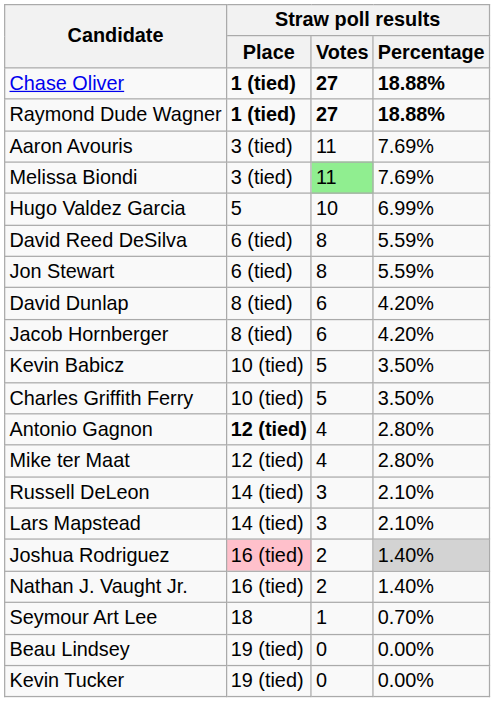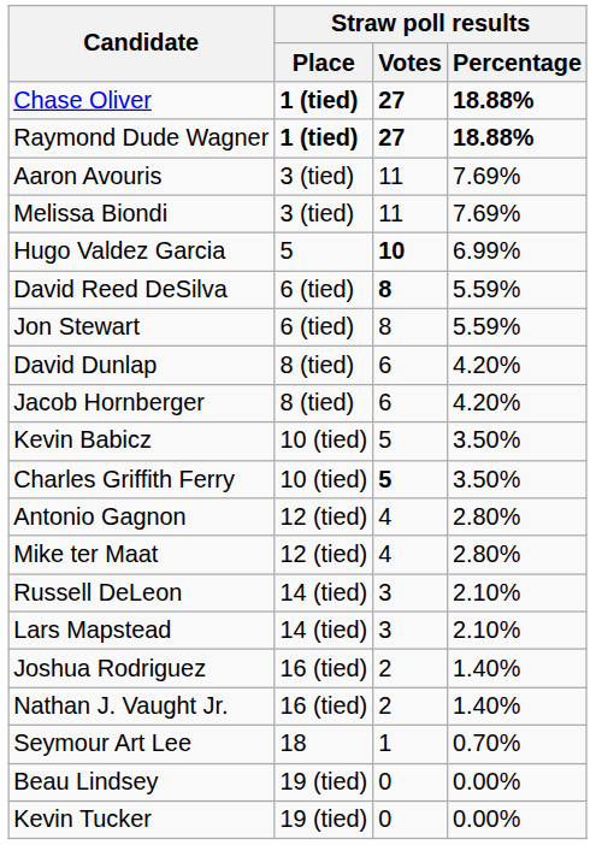 <table class="wikitable plainrowheaders sortable" style="margin:auto;">
 <tr>
 <th rowspan=2>Candidate</th>
 <th colspan=3>Straw poll results</th>
 </tr>
 <tr>
 <th>Place</th>
 <th>Votes</th>
 <th>Percentage</th>
 </tr>
 <tr>
 <td><a href='#'>Chase Oliver</a></td>
 <td><strong>1 (tied)</strong></td>
 <td><strong>27</strong></td>
 <td><strong>18.88%</strong></td>
 </tr>
 <tr>
 <td>Raymond Dude Wagner</td>
 <td><strong>1 (tied)</strong></td>
 <td><strong>27</strong></td>
 <td><strong>18.88%</strong></td>
 </tr>
 <tr>
 <td>Aaron Avouris</td>
 <td>3 (tied)</td>
 <td>11</td>
 <td>7.69%</td>
 </tr>
 <tr>
 <td>Melissa Biondi</td>
 <td>3 (tied)</td>
-<td style="background: lightgreen;">11</td>
+<td>11</td>
 <td>7.69%</td>
 </tr>
 <tr>
 <td>Hugo Valdez Garcia</td>
 <td>5</td>
-<td>10</td>
+<td><strong>10</strong></td>
 <td>6.99%</td>
 </tr>
 <tr>
 <td>David Reed DeSilva</td>
 <td>6 (tied)</td>
-<td>8</td>
+<td><strong>8</strong></td>
 <td>5.59%</td>
 </tr>
 <tr>
 <td>Jon Stewart</td>
 <td>6 (tied)</td>
 <td>8</td>
 <td>5.59%</td>
 </tr>
 <tr>
 <td>David Dunlap</td>
 <td>8 (tied)</td>
 <td>6</td>
 <td>4.20%</td>
 </tr>
 <tr>
 <td>Jacob Hornberger</td>
 <td>8 (tied)</td>
 <td>6</td>
 <td>4.20%</td>
 </tr>
 <tr>
 <td>Kevin Babicz</td>
 <td>10 (tied)</td>
 <td>5</td>
 <td>3.50%</td>
 </tr>
 <tr>
 <td>Charles Griffith Ferry</td>
 <td>10 (tied)</td>
-<td>5</td>
+<td><strong>5</strong></td>
 <td>3.50%</td>
 </tr>
 <tr>
 <td>Antonio Gagnon</td>
-<td><strong>12 (tied)</strong></td>
+<td>12 (tied)</td>
 <td>4</td>
 <td>2.80%</td>
 </tr>
 <tr>
 <td>Mike ter Maat</td>
 <td>12 (tied)</td>
 <td>4</td>
 <td>2.80%</td>
 </tr>
 <tr>
 <td>Russell DeLeon</td>
 <td>14 (tied)</td>
 <td>3</td>
 <td>2.10%</td>
 </tr>
 <tr>
 <td>Lars Mapstead</td>
 <td>14 (tied)</td>
 <td>3</td>
 <td>2.10%</td>
 </tr>
 <tr>
 <td>Joshua Rodriguez</td>
-<td style="background: pink;">16 (tied)</td>
+<td>16 (tied)</td>
 <td>2</td>
-<td style="background: lightgrey;">1.40%</td>
+<td>1.40%</td>
 </tr>
 <tr>
 <td>Nathan J. Vaught Jr.</td>
 <td>16 (tied)</td>
 <td>2</td>
 <td>1.40%</td>
 </tr>
 <tr>
 <td>Seymour Art Lee</td>
 <td>18</td>
 <td>1</td>
 <td>0.70%</td>
 </tr>
 <tr>
 <td>Beau Lindsey</td>
 <td>19 (tied)</td>
 <td>0</td>
 <td>0.00%</td>
 </tr>
 <tr>
 <td>Kevin Tucker</td>
 <td>19 (tied)</td>
 <td>0</td>
 <td>0.00%</td>
 </tr>
 </table>
